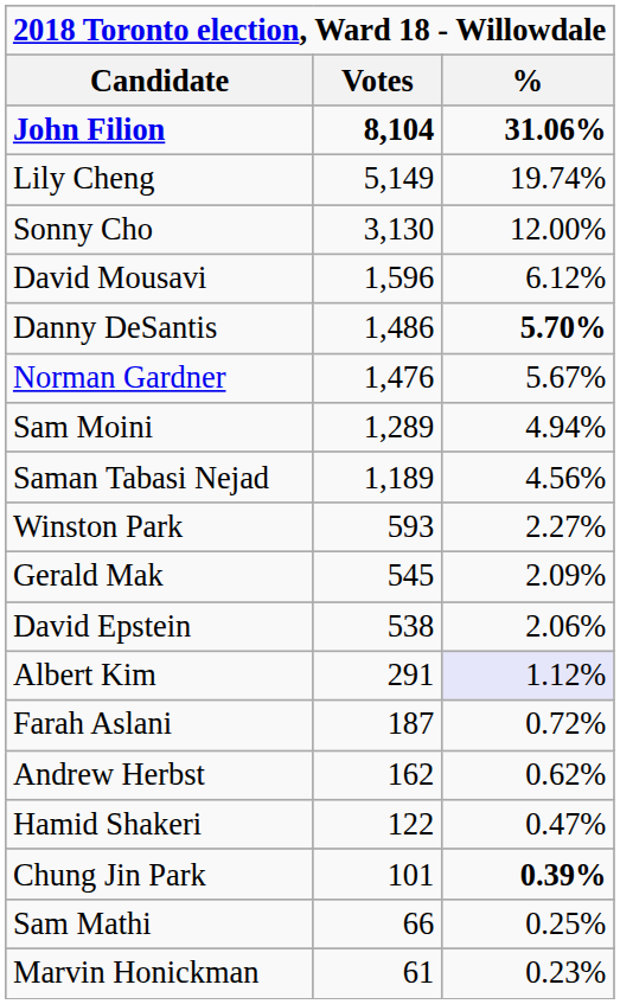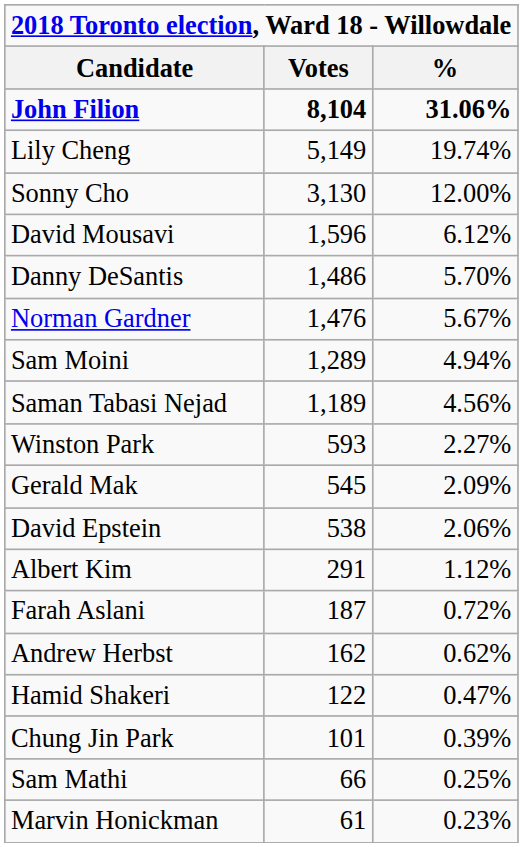 <table class="wikitable">
 <tr>
 <td Colspan="3" align="center"><strong><a href='#'>2018 Toronto election</a>, Ward 18 - Willowdale</strong></td>
 </tr>
 <tr>
 <th bgcolor="#DDDDFF" width="150px">Candidate</th>
 <th bgcolor="#DDDDFF">Votes</th>
 <th bgcolor="#DDDDFF">%</th>
 </tr>
 <tr>
 <td valign="top"><strong><a href='#'>John Filion</a></strong></td>
 <td valign="top" align="right"><strong>8,104</strong></td>
 <td valign="top" align="right"><strong>31.06%</strong></td>
 </tr>
 <tr>
 <td valign="top">Lily Cheng</td>
 <td valign="top" align="right">5,149</td>
 <td valign="top" align="right">19.74%</td>
 </tr>
 <tr>
 <td valign="top">Sonny Cho</td>
 <td valign="top" align="right">3,130</td>
 <td valign="top" align="right">12.00%</td>
 </tr>
 <tr>
 <td valign="top">David Mousavi</td>
 <td valign="top" align="right">1,596</td>
 <td valign="top" align="right">6.12%</td>
 </tr>
 <tr>
 <td valign="top">Danny DeSantis</td>
 <td valign="top" align="right">1,486</td>
-<td valign="top" align="right"><strong>5.70%</strong></td>
+<td valign="top" align="right">5.70%</td>
 </tr>
 <tr>
 <td valign="top"><a href='#'>Norman Gardner</a></td>
 <td valign="top" align="right">1,476</td>
 <td valign="top" align="right">5.67%</td>
 </tr>
 <tr>
 <td valign="top">Sam Moini</td>
 <td valign="top" align="right">1,289</td>
 <td valign="top" align="right">4.94%</td>
 </tr>
 <tr>
 <td valign="top">Saman Tabasi Nejad</td>
 <td valign="top" align="right">1,189</td>
 <td valign="top" align="right">4.56%</td>
 </tr>
 <tr>
 <td valign="top">Winston Park</td>
 <td valign="top" align="right">593</td>
 <td valign="top" align="right">2.27%</td>
 </tr>
 <tr>
 <td valign="top">Gerald Mak</td>
 <td valign="top" align="right">545</td>
 <td valign="top" align="right">2.09%</td>
 </tr>
 <tr>
 <td valign="top">David Epstein</td>
 <td valign="top" align="right">538</td>
 <td valign="top" align="right">2.06%</td>
 </tr>
 <tr>
 <td valign="top">Albert Kim</td>
 <td valign="top" align="right">291</td>
-<td valign="top" align="right" style="background: lavender;">1.12%</td>
+<td valign="top" align="right">1.12%</td>
 </tr>
 <tr>
 <td valign="top">Farah Aslani</td>
 <td valign="top" align="right">187</td>
 <td valign="top" align="right">0.72%</td>
 </tr>
 <tr>
 <td valign="top">Andrew Herbst</td>
 <td valign="top" align="right">162</td>
 <td valign="top" align="right">0.62%</td>
 </tr>
 <tr>
 <td valign="top">Hamid Shakeri</td>
 <td valign="top" align="right">122</td>
 <td valign="top" align="right">0.47%</td>
 </tr>
 <tr>
 <td valign="top">Chung Jin Park</td>
 <td valign="top" align="right">101</td>
-<td valign="top" align="right"><strong>0.39%</strong></td>
+<td valign="top" align="right">0.39%</td>
 </tr>
 <tr>
 <td valign="top">Sam Mathi</td>
 <td valign="top" align="right">66</td>
 <td valign="top" align="right">0.25%</td>
 </tr>
 <tr>
 <td>Marvin Honickman</td>
 <td valign="top" align="right">61</td>
 <td valign="top" align="right">0.23%</td>
 </tr>
 <tr>
 </tr>
 </table>
